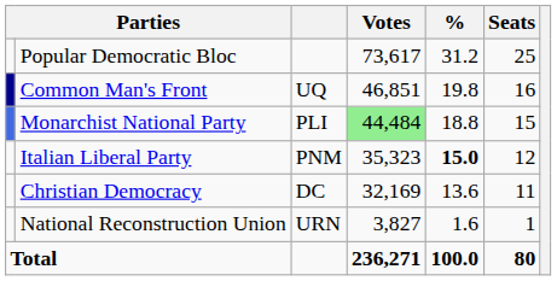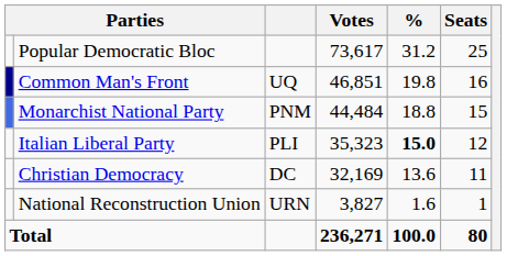 <table class="wikitable">
 <tr>
 <th colspan="2">Parties</th>
 <th></th>
 <th>Votes</th>
 <th>%</th>
 <th>Seats</th>
 <th rowspan="9"></th>
 </tr>
 <tr>
 <td style="background-color:"></td>
 <td>Popular Democratic Bloc</td>
 <td></td>
 <td align=right>73,617</td>
 <td align=right>31.2</td>
 <td align=right>25</td>
 </tr>
 <tr>
 <td style="background-color:#00008B"></td>
 <td><a href='#'>Common Man's Front</a></td>
 <td>UQ</td>
 <td align=right>46,851</td>
 <td align=right>19.8</td>
 <td align=right>16</td>
 </tr>
 <tr>
 <td style="background-color:royalblue"></td>
 <td><a href='#'>Monarchist National Party</a></td>
-<td>PLI</td>
-<td align=right style="background: lightgreen;">44,484</td>
+<td>PNM</td>
+<td align=right>44,484</td>
 <td align=right>18.8</td>
 <td align=right>15</td>
 </tr>
 <tr>
 <td style="background-color:"></td>
 <td><a href='#'>Italian Liberal Party</a></td>
-<td>PNM</td>
+<td>PLI</td>
 <td align=right>35,323</td>
 <td align=right><strong>15.0</strong></td>
 <td align=right>12</td>
 </tr>
 <tr>
 <td style="background-color:"></td>
 <td><a href='#'>Christian Democracy</a></td>
 <td>DC</td>
 <td align=right>32,169</td>
 <td align=right>13.6</td>
 <td align=right>11</td>
 </tr>
 <tr>
 <td style="background-color:"></td>
 <td>National Reconstruction Union</td>
 <td>URN</td>
 <td align=right>3,827</td>
 <td align=right>1.6</td>
 <td align=right>1</td>
 </tr>
 <tr>
 <td colspan="2"><strong>Total</strong></td>
 <td></td>
 <td align=right><strong>236,271</strong></td>
 <td align=right><strong>100.0</strong></td>
 <td align=right><strong>80</strong></td>
 </tr>
 </table>
